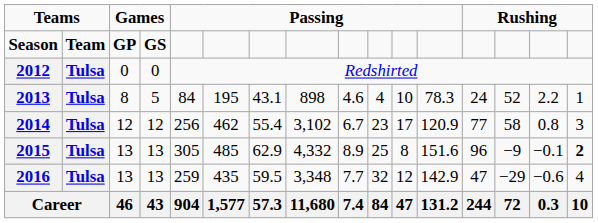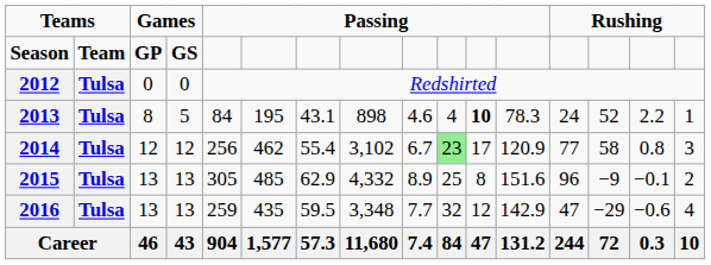 <table class="wikitable" style="text-align:center;">
 <tr style="font-weight:bold;">
 <td colspan="2">Teams</td>
 <td colspan="2">Games</td>
 <td colspan="8">Passing</td>
 <td colspan="4">Rushing</td>
 </tr>
 <tr style="font-weight:bold;">
 <td>Season</td>
 <td>Team</td>
 <td>GP</td>
 <td>GS</td>
 <td></td>
 <td></td>
 <td></td>
 <td></td>
 <td></td>
 <td></td>
 <td></td>
 <td></td>
 <td></td>
 <td></td>
 <td></td>
 <td></td>
 </tr>
 <tr>
 <th><a href='#'>2012</a></th>
 <th><a href='#'>Tulsa</a></th>
 <td>0</td>
 <td>0</td>
 <td colspan="12"><em><a href='#'>Redshirted</a></em></td>
 </tr>
 <tr>
 <th><a href='#'>2013</a></th>
 <th><a href='#'>Tulsa</a></th>
 <td>8</td>
 <td>5</td>
 <td>84</td>
 <td>195</td>
 <td>43.1</td>
 <td>898</td>
 <td>4.6</td>
 <td>4</td>
-<td>10</td>
+<td><strong>10</strong></td>
 <td>78.3</td>
 <td>24</td>
 <td>52</td>
 <td>2.2</td>
 <td>1</td>
 </tr>
 <tr>
 <th><a href='#'>2014</a></th>
 <th><a href='#'>Tulsa</a></th>
 <td>12</td>
 <td>12</td>
 <td>256</td>
 <td>462</td>
 <td>55.4</td>
 <td>3,102</td>
 <td>6.7</td>
-<td>23</td>
+<td style="background: lightgreen;">23</td>
 <td>17</td>
 <td>120.9</td>
 <td>77</td>
 <td>58</td>
 <td>0.8</td>
 <td>3</td>
 </tr>
 <tr>
 <th><a href='#'>2015</a></th>
 <th><a href='#'>Tulsa</a></th>
 <td>13</td>
 <td>13</td>
 <td>305</td>
 <td>485</td>
 <td>62.9</td>
 <td>4,332</td>
 <td>8.9</td>
 <td>25</td>
 <td>8</td>
 <td>151.6</td>
 <td>96</td>
 <td>−9</td>
 <td>−0.1</td>
-<td><strong>2</strong></td>
+<td>2</td>
 </tr>
 <tr>
 <th><a href='#'>2016</a></th>
 <th><a href='#'>Tulsa</a></th>
 <td>13</td>
 <td>13</td>
 <td>259</td>
 <td>435</td>
 <td>59.5</td>
 <td>3,348</td>
 <td>7.7</td>
 <td>32</td>
 <td>12</td>
 <td>142.9</td>
 <td>47</td>
 <td>−29</td>
 <td>−0.6</td>
 <td>4</td>
 </tr>
 <tr>
 <th colspan="2">Career</th>
 <th>46</th>
 <th>43</th>
 <th>904</th>
 <th>1,577</th>
 <th>57.3</th>
 <th>11,680</th>
 <th>7.4</th>
 <th>84</th>
 <th>47</th>
 <th>131.2</th>
 <th>244</th>
 <th>72</th>
 <th>0.3</th>
 <th>10</th>
 </tr>
 </table>
